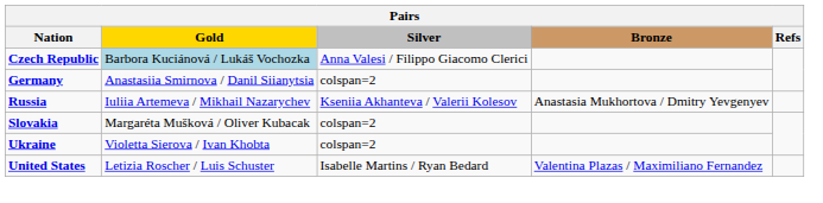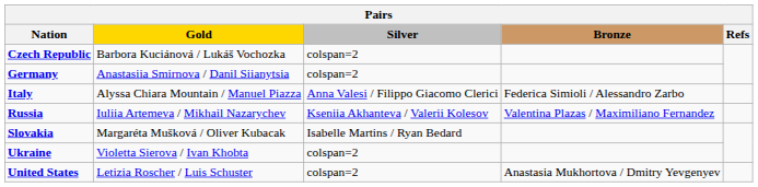 <table class="wikitable">
 <tr>
 <th colspan=5>Pairs</th>
 </tr>
 <tr>
 <th>Nation</th>
 <td style="text-align:center; background:gold;"><strong>Gold</strong></td>
 <td style="text-align:center; background:silver;"><strong>Silver</strong></td>
 <td style="text-align:center; background:#c96;"><strong>Bronze</strong></td>
 <th>Refs</th>
 </tr>
 <tr>
 <td><strong> <a href='#'>Czech Republic</a></strong></td>
-<td style="background: lightblue;">Barbora Kuciánová / Lukáš Vochozka</td>
-<td><a href='#'>Anna Valesi</a> / Filippo Giacomo Clerici</td>
+<td>Barbora Kuciánová / Lukáš Vochozka</td>
+<td>colspan=2 </td>
 <td></td>
 </tr>
 <tr>
 <td><strong> <a href='#'>Germany</a></strong></td>
 <td><a href='#'>Anastasiia Smirnova</a> / <a href='#'>Danil Siianytsia</a></td>
 <td>colspan=2 </td>
 <td></td>
 </tr>
 <tr>
+<td><strong> <a href='#'>Italy</a></strong></td>
+<td>Alyssa Chiara Mountain / <a href='#'>Manuel Piazza</a></td>
+<td><a href='#'>Anna Valesi</a> / Filippo Giacomo Clerici</td>
+<td>Federica Simioli / Alessandro Zarbo</td>
+<td></td>
+</tr>
+<tr>
 <td><strong> <a href='#'>Russia</a></strong></td>
 <td><a href='#'>Iuliia Artemeva</a> / <a href='#'>Mikhail Nazarychev</a></td>
 <td><a href='#'>Kseniia Akhanteva</a> / <a href='#'>Valerii Kolesov</a></td>
-<td>Anastasia Mukhortova / Dmitry Yevgenyev</td>
+<td><a href='#'>Valentina Plazas</a> / <a href='#'>Maximiliano Fernandez</a></td>
 <td></td>
 </tr>
 <tr>
 <td><strong> <a href='#'>Slovakia</a></strong></td>
 <td>Margaréta Mušková / Oliver Kubacak</td>
-<td>colspan=2 </td>
+<td>Isabelle Martins / Ryan Bedard</td>
 <td></td>
 </tr>
 <tr>
 <td><strong> <a href='#'>Ukraine</a></strong></td>
 <td><a href='#'>Violetta Sierova</a> / <a href='#'>Ivan Khobta</a></td>
 <td>colspan=2 </td>
 <td></td>
 </tr>
 <tr>
 <td><strong> <a href='#'>United States</a></strong></td>
 <td><a href='#'>Letizia Roscher</a> / <a href='#'>Luis Schuster</a></td>
-<td>Isabelle Martins / Ryan Bedard</td>
-<td><a href='#'>Valentina Plazas</a> / <a href='#'>Maximiliano Fernandez</a></td>
+<td>colspan=2 </td>
+<td>Anastasia Mukhortova / Dmitry Yevgenyev</td>
 <td></td>
 </tr>
 </table>
